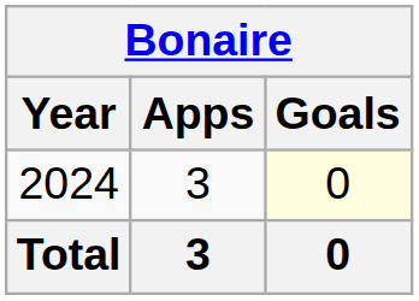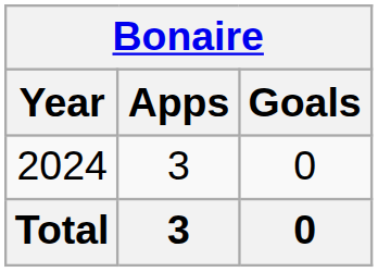 <table class="wikitable" style="text-align:center">
 <tr>
 <th colspan=3><a href='#'>Bonaire</a></th>
 </tr>
 <tr>
 <th>Year</th>
 <th>Apps</th>
 <th>Goals</th>
 </tr>
 <tr>
 <td>2024</td>
 <td>3</td>
-<td style="background: lightyellow;">0</td>
+<td>0</td>
 </tr>
 <tr>
 <th>Total</th>
 <th>3</th>
 <th>0</th>
 </tr>
 </table>
